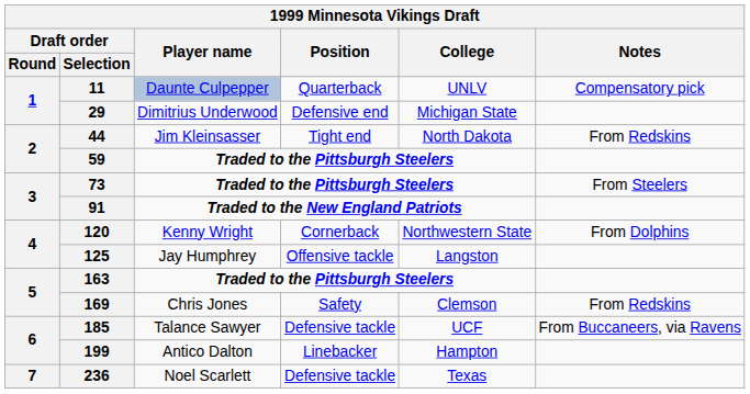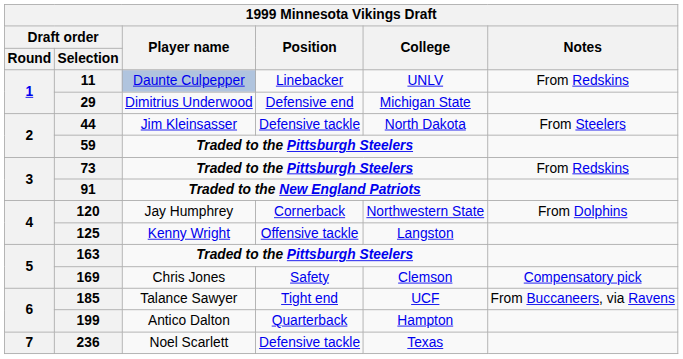 <table class="wikitable" style="text-align:center">
 <tr>
 <th colspan="6">1999 Minnesota Vikings Draft</th>
 </tr>
 <tr>
 <th colspan="2">Draft order</th>
 <th rowspan="2">Player name</th>
 <th rowspan="2">Position</th>
 <th rowspan="2">College</th>
 <th rowspan="2">Notes</th>
 </tr>
 <tr>
 <th>Round</th>
 <th>Selection</th>
 </tr>
 <tr>
 <th rowspan="2"><a href='#'>1</a></th>
 <th>11</th>
 <td bgcolor=lightsteelblue><a href='#'>Daunte Culpepper</a></td>
-<td><a href='#'>Quarterback</a></td>
+<td><a href='#'>Linebacker</a></td>
 <td><a href='#'>UNLV</a></td>
-<td><a href='#'>Compensatory pick</a></td>
+<td>From <a href='#'>Redskins</a></td>
 </tr>
 <tr>
 <th>29</th>
 <td><a href='#'>Dimitrius Underwood</a></td>
 <td><a href='#'>Defensive end</a></td>
 <td><a href='#'>Michigan State</a></td>
 <td></td>
 </tr>
 <tr>
 <th rowspan="2">2</th>
 <th>44</th>
 <td><a href='#'>Jim Kleinsasser</a></td>
-<td><a href='#'>Tight end</a></td>
+<td><a href='#'>Defensive tackle</a></td>
 <td><a href='#'>North Dakota</a></td>
-<td>From <a href='#'>Redskins</a></td>
+<td>From <a href='#'>Steelers</a></td>
 </tr>
 <tr>
 <th>59</th>
 <td colspan="3"><strong><em>Traded to the <a href='#'>Pittsburgh Steelers</a></em></strong></td>
 <td></td>
 </tr>
 <tr>
 <th rowspan="2">3</th>
 <th>73</th>
 <td colspan="3"><strong><em>Traded to the <a href='#'>Pittsburgh Steelers</a></em></strong></td>
-<td>From <a href='#'>Steelers</a></td>
+<td>From <a href='#'>Redskins</a></td>
 </tr>
 <tr>
 <th>91</th>
 <td colspan="3"><strong><em>Traded to the <a href='#'>New England Patriots</a></em></strong></td>
 <td></td>
 </tr>
 <tr>
 <th rowspan="2">4</th>
 <th>120</th>
-<td><a href='#'>Kenny Wright</a></td>
+<td>Jay Humphrey</td>
 <td><a href='#'>Cornerback</a></td>
 <td><a href='#'>Northwestern State</a></td>
 <td>From <a href='#'>Dolphins</a></td>
 </tr>
 <tr>
 <th>125</th>
-<td>Jay Humphrey</td>
+<td><a href='#'>Kenny Wright</a></td>
 <td><a href='#'>Offensive tackle</a></td>
 <td><a href='#'>Langston</a></td>
 <td></td>
 </tr>
 <tr>
 <th rowspan="2">5</th>
 <th>163</th>
 <td colspan="3"><strong><em>Traded to the <a href='#'>Pittsburgh Steelers</a></em></strong></td>
 <td></td>
 </tr>
 <tr>
 <th>169</th>
 <td>Chris Jones</td>
 <td><a href='#'>Safety</a></td>
 <td><a href='#'>Clemson</a></td>
-<td>From <a href='#'>Redskins</a></td>
+<td><a href='#'>Compensatory pick</a></td>
 </tr>
 <tr>
 <th rowspan="2">6</th>
 <th>185</th>
 <td>Talance Sawyer</td>
-<td><a href='#'>Defensive tackle</a></td>
+<td><a href='#'>Tight end</a></td>
 <td><a href='#'>UCF</a></td>
 <td>From <a href='#'>Buccaneers</a>, via <a href='#'>Ravens</a></td>
 </tr>
 <tr>
 <th>199</th>
 <td>Antico Dalton</td>
-<td><a href='#'>Linebacker</a></td>
+<td><a href='#'>Quarterback</a></td>
 <td><a href='#'>Hampton</a></td>
 <td></td>
 </tr>
 <tr>
 <th>7</th>
 <th>236</th>
 <td>Noel Scarlett</td>
 <td><a href='#'>Defensive tackle</a></td>
 <td><a href='#'>Texas</a></td>
 <td></td>
 </tr>
 </table>
